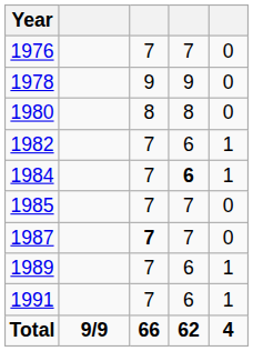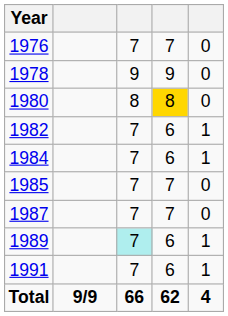 <table class="wikitable" style="text-align: center;">
 <tr>
 <th>Year</th>
 <th width="50"></th>
 <th width=25></th>
 <th width=25></th>
 <th width=25></th>
 </tr>
 <tr>
 <td> <a href='#'>1976</a></td>
 <td></td>
 <td>7</td>
 <td>7</td>
 <td>0</td>
 </tr>
 <tr>
 <td> <a href='#'>1978</a></td>
 <td></td>
 <td>9</td>
 <td>9</td>
 <td>0</td>
 </tr>
 <tr>
 <td> <a href='#'>1980</a></td>
 <td></td>
 <td>8</td>
-<td>8</td>
+<td style="background: gold;">8</td>
 <td>0</td>
 </tr>
 <tr>
 <td> <a href='#'>1982</a></td>
 <td></td>
 <td>7</td>
 <td>6</td>
 <td>1</td>
 </tr>
 <tr>
 <td> <a href='#'>1984</a></td>
 <td></td>
 <td>7</td>
-<td><strong>6</strong></td>
+<td>6</td>
 <td>1</td>
 </tr>
 <tr>
 <td> <a href='#'>1985</a></td>
 <td></td>
 <td>7</td>
 <td>7</td>
 <td>0</td>
 </tr>
 <tr>
 <td> <a href='#'>1987</a></td>
 <td></td>
-<td><strong>7</strong></td>
+<td>7</td>
 <td>7</td>
 <td>0</td>
 </tr>
 <tr>
 <td> <a href='#'>1989</a></td>
 <td></td>
-<td>7</td>
+<td style="background: paleturquoise;">7</td>
 <td>6</td>
 <td>1</td>
 </tr>
 <tr>
 <td> <a href='#'>1991</a></td>
 <td></td>
 <td>7</td>
 <td>6</td>
 <td>1</td>
 </tr>
 <tr>
 <td><strong>Total</strong></td>
 <td><strong>9/9</strong></td>
 <td><strong>66</strong></td>
 <td><strong>62</strong></td>
 <td><strong>4</strong></td>
 </tr>
 </table>
